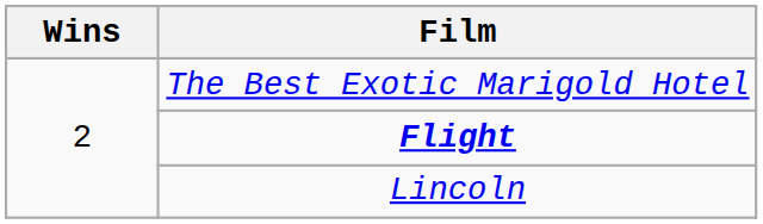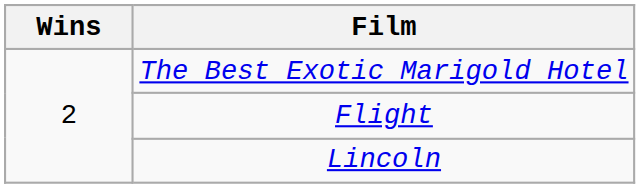 <table class="wikitable plainrowheaders" style="text-align:center;">
 <tr>
 <th scope="col" style="width:55px;">Wins</th>
 <th scope="col" style="text-align:center;">Film</th>
 </tr>
 <tr>
 <td scope=row rowspan=3 style="text-align:center;">2</td>
 <td><em><a href='#'>The Best Exotic Marigold Hotel</a></em></td>
 </tr>
 <tr>
-<td><strong><em><a href='#'>Flight</a></em></strong></td>
+<td><em><a href='#'>Flight</a></em></td>
 </tr>
 <tr>
 <td><em><a href='#'>Lincoln</a></em></td>
 </tr>
 </table>
